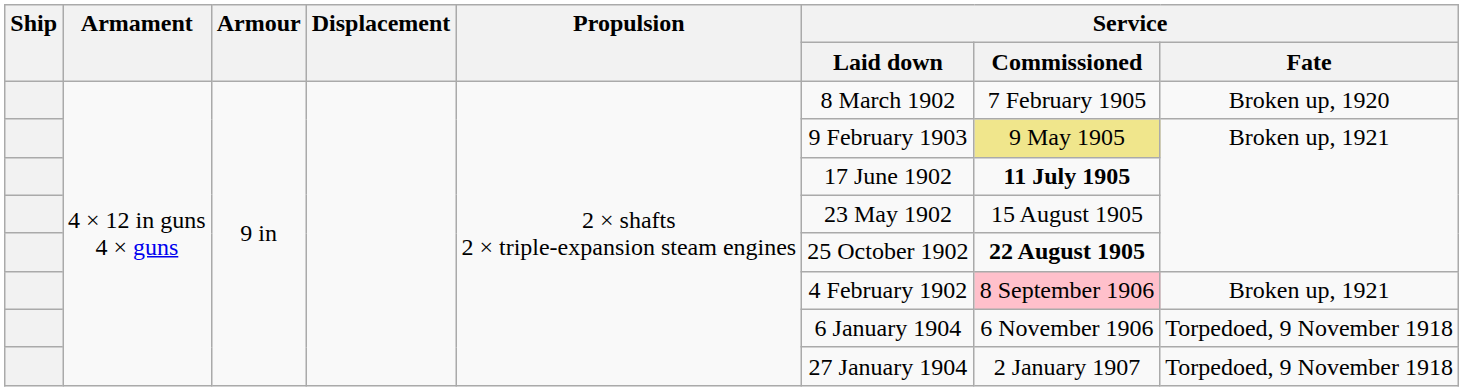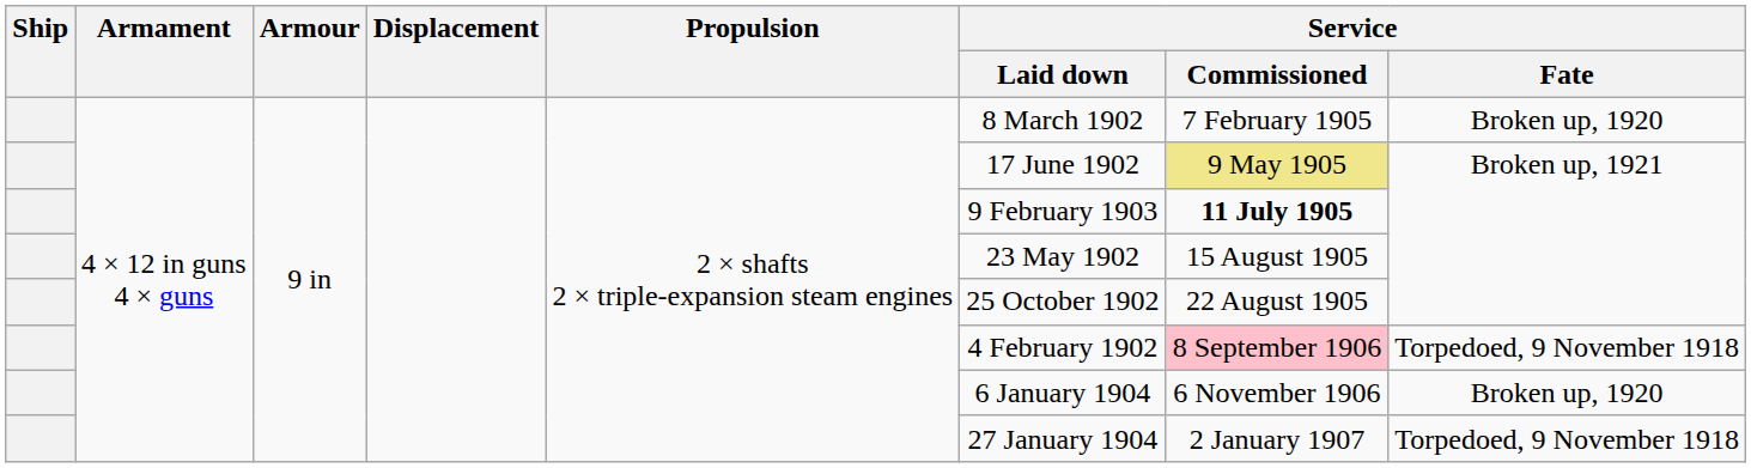 <table class="wikitable plainrowheaders" style="text-align: center;">
 <tr valign="top">
 <th scope="col" rowspan="2">Ship</th>
 <th scope="col" rowspan="2">Armament</th>
 <th scope="col" rowspan="2">Armour</th>
 <th scope="col" rowspan="2">Displacement</th>
 <th scope="col" rowspan="2">Propulsion</th>
 <th scope="col" colspan="3">Service</th>
 </tr>
 <tr valign="top">
 <th scope="col">Laid down</th>
 <th scope="col">Commissioned</th>
 <th scope="col">Fate</th>
 </tr>
 <tr valign="center">
 <th scope="row"></th>
 <td rowspan="8">4 × 12 in guns<br> 4 × <a href='#'> guns</a></td>
 <td rowspan="8">9 in</td>
 <td rowspan="8"></td>
 <td rowspan="8">2 × shafts<br>2 × triple-expansion steam engines<br></td>
 <td>8 March 1902</td>
 <td>7 February 1905</td>
 <td>Broken up, 1920</td>
 </tr>
 <tr valign="top">
 <th scope="row"></th>
-<td>9 February 1903</td>
+<td>17 June 1902</td>
 <td style="background: khaki;">9 May 1905</td>
 <td rowspan="4">Broken up, 1921</td>
 </tr>
 <tr valign="top">
 <th scope="row"></th>
-<td>17 June 1902</td>
+<td>9 February 1903</td>
 <td><strong>11 July 1905</strong></td>
 </tr>
 <tr valign="top">
 <th scope="row"></th>
 <td>23 May 1902</td>
 <td>15 August 1905</td>
 </tr>
 <tr valign="top">
 <th scope="row"></th>
 <td>25 October 1902</td>
-<td><strong>22 August 1905</strong></td>
+<td>22 August 1905</td>
 </tr>
 <tr valign="top">
 <th scope="row"></th>
 <td>4 February 1902</td>
 <td style="background: pink;">8 September 1906</td>
-<td>Broken up, 1921</td>
+<td>Torpedoed, 9 November 1918</td>
 </tr>
 <tr valign="top">
 <th scope="row"></th>
 <td>6 January 1904</td>
 <td>6 November 1906</td>
-<td>Torpedoed, 9 November 1918</td>
+<td>Broken up, 1920</td>
 </tr>
 <tr valign="top">
 <th scope="row"></th>
 <td>27 January 1904</td>
 <td>2 January 1907</td>
 <td>Torpedoed, 9 November 1918</td>
 </tr>
 </table>
